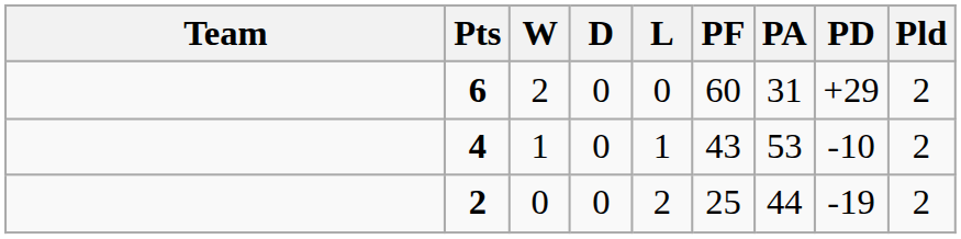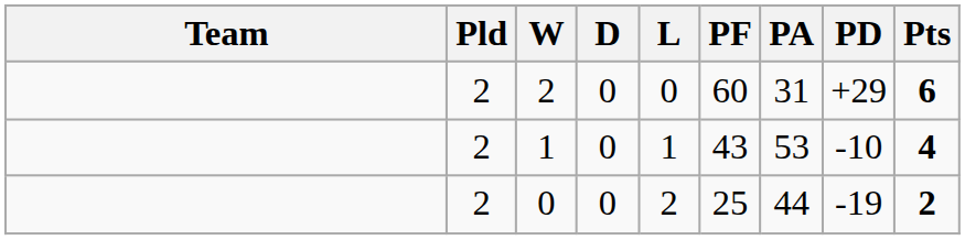 <table class="wikitable" style="text-align:center;">
 <tr>
 <th width="190">Team</th>
-<th width="20" abbr="Points">Pts</th>
+<th width="20" abbr="Played">Pld</th>
 <th width="20" abbr="Won">W</th>
 <th width="20" abbr="Drawn">D</th>
 <th width="20" abbr="Lost">L</th>
 <th width="20" abbr="Points for">PF</th>
 <th width="20" abbr="Points against">PA</th>
 <th width="25" abbr="Points difference">PD</th>
-<th width="20" abbr="Played">Pld</th>
+<th width="20" abbr="Points">Pts</th>
 </tr>
 <tr style="background:">
 <td align="left"></td>
-<td><strong>6</strong></td>
+<td>2</td>
 <td>2</td>
 <td>0</td>
 <td>0</td>
 <td>60</td>
 <td>31</td>
 <td>+29</td>
-<td>2</td>
+<td><strong>6</strong></td>
 </tr>
 <tr style="background:">
 <td align="left"></td>
-<td><strong>4</strong></td>
+<td>2</td>
 <td>1</td>
 <td>0</td>
 <td>1</td>
 <td>43</td>
 <td>53</td>
 <td>-10</td>
-<td>2</td>
+<td><strong>4</strong></td>
 </tr>
 <tr>
 <td align="left"></td>
-<td><strong>2</strong></td>
+<td>2</td>
 <td>0</td>
 <td>0</td>
 <td>2</td>
 <td>25</td>
 <td>44</td>
 <td>-19</td>
-<td>2</td>
+<td><strong>2</strong></td>
 </tr>
 </table>
